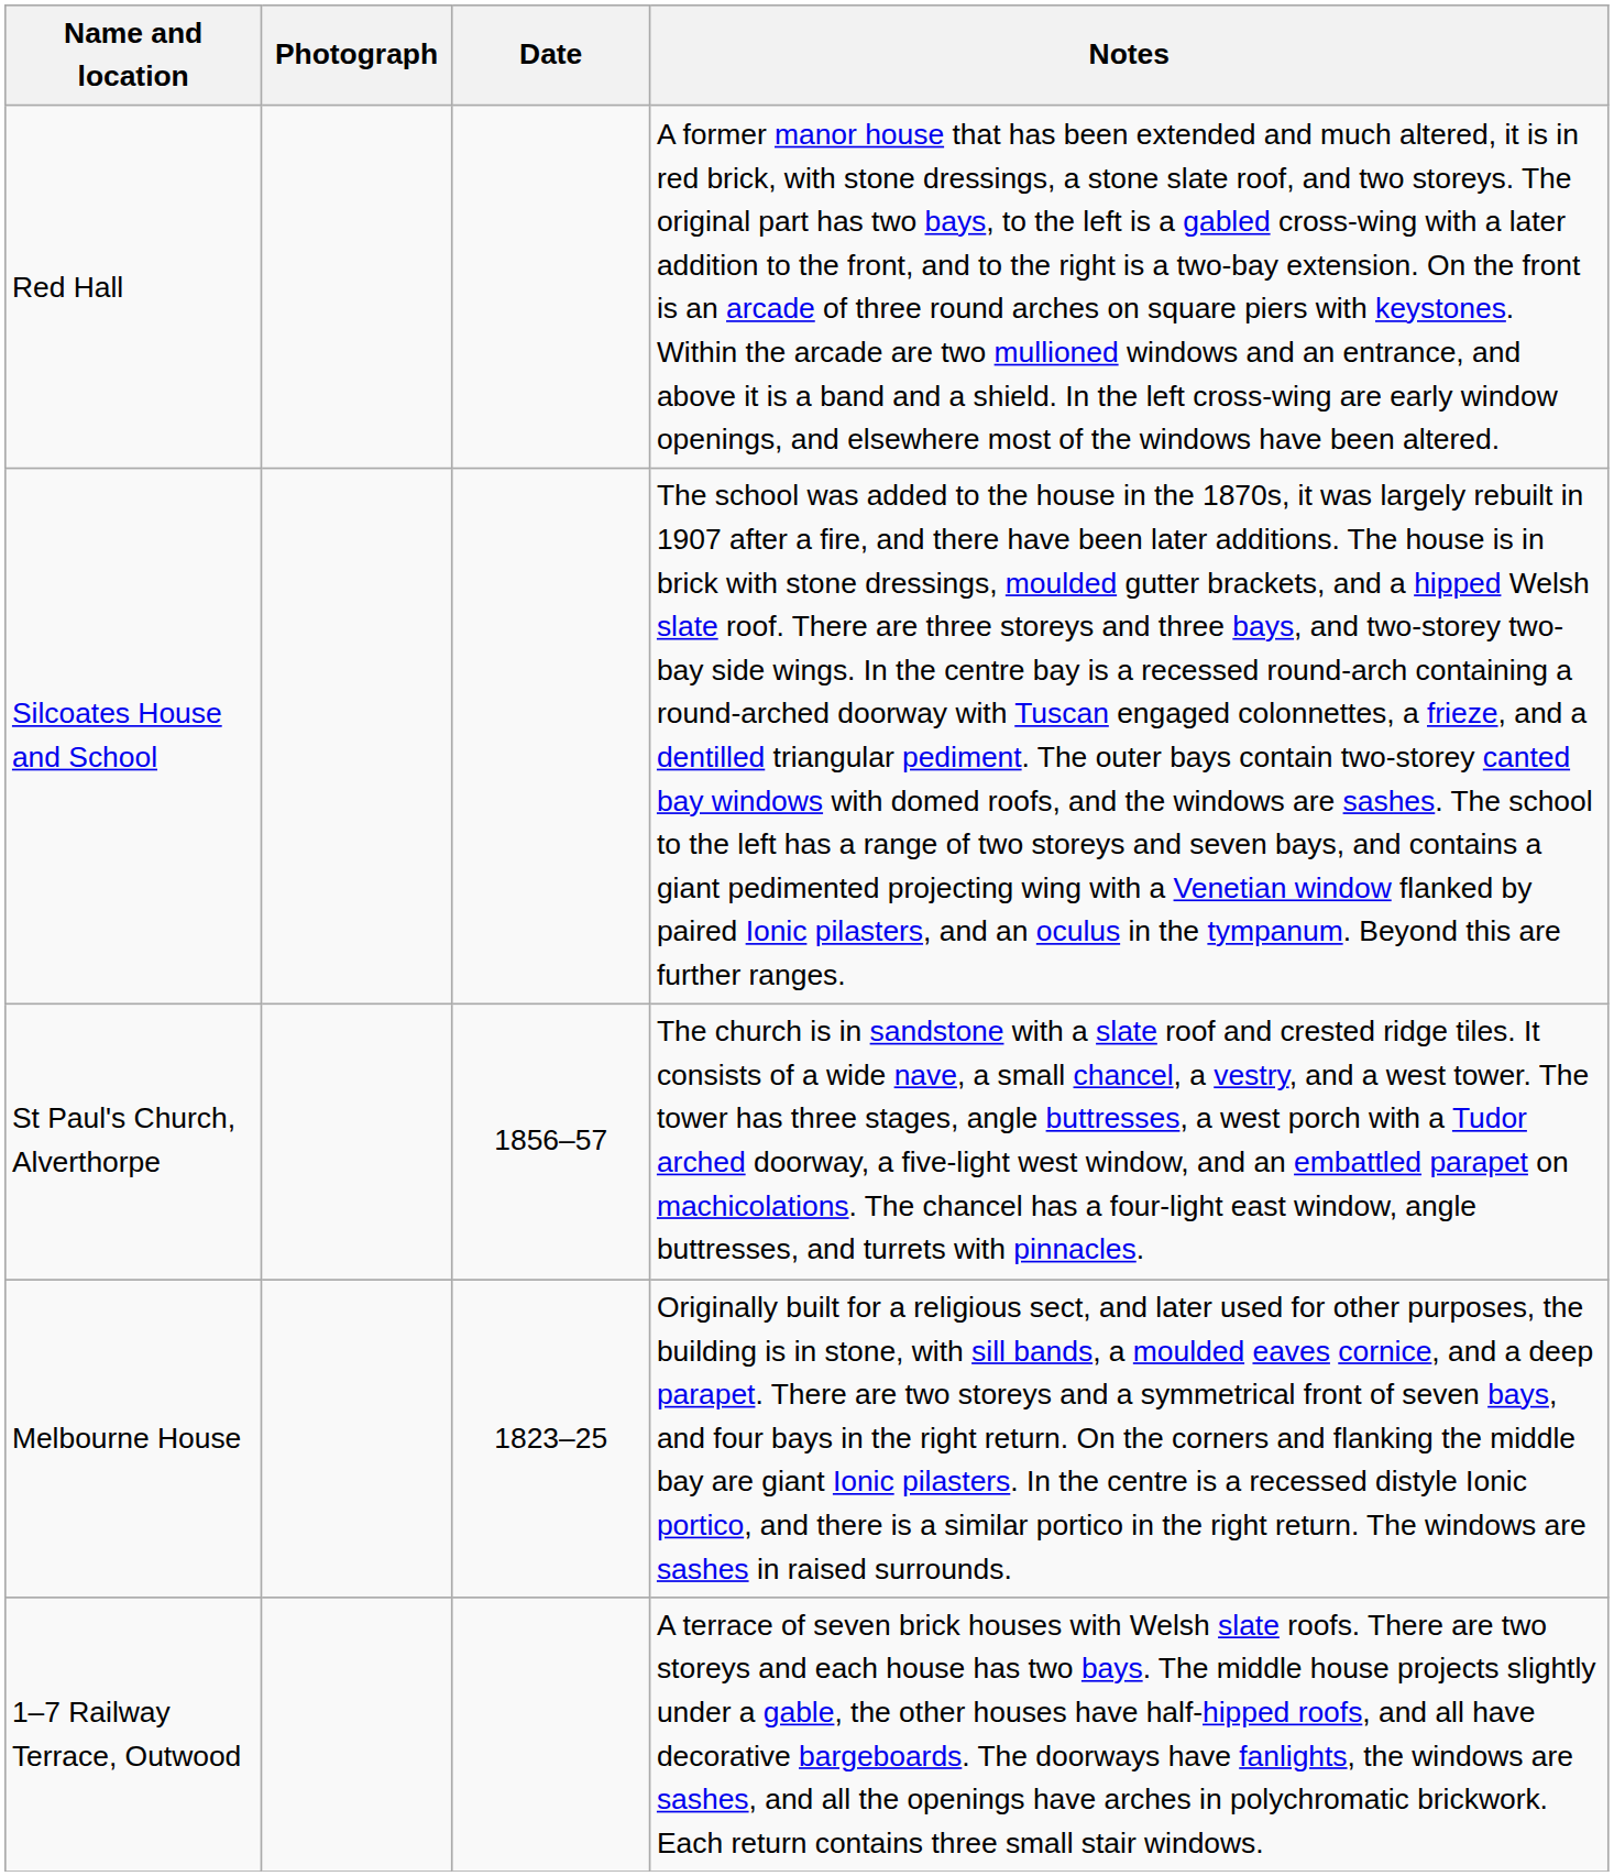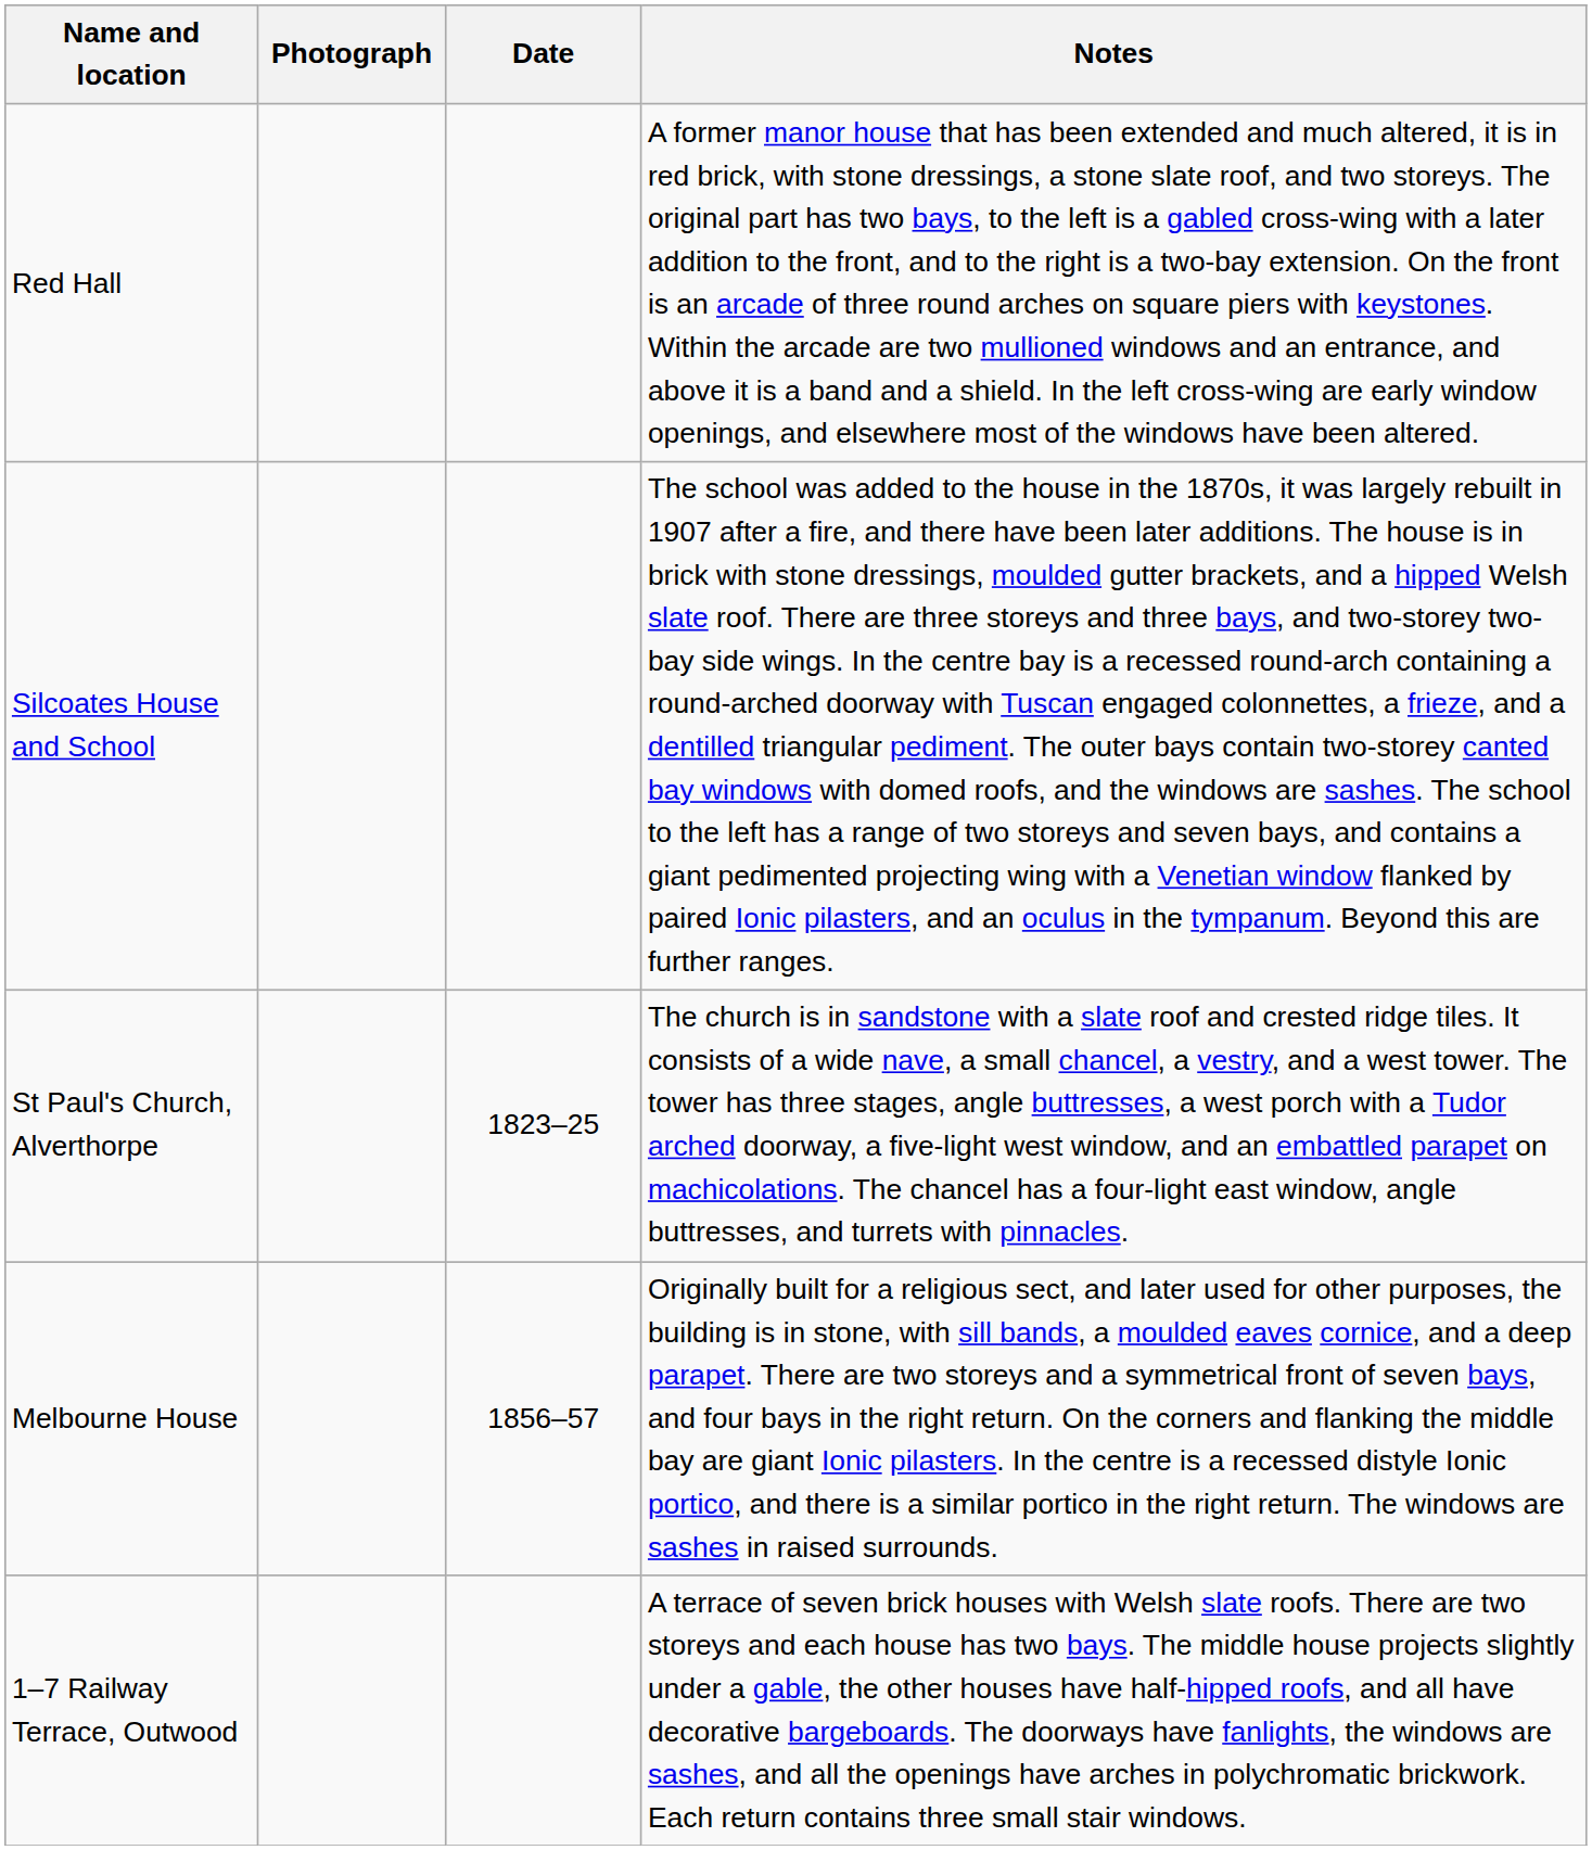 <table class="wikitable sortable plainrowheaders" style="width:100%;border:0px;text-align:left;line-height:150%;">
 <tr>
 <th scope="col"  style="width:150px">Name and location</th>
 <th scope="col"  style="width:100px" class="unsortable">Photograph</th>
 <th scope="col"  style="width:120px">Date</th>
 <th scope="col"  style="width:650px" class="unsortable">Notes</th>
 </tr>
 <tr>
 <td>Red Hall<br><small></small></td>
 <td></td>
 <td align="center"></td>
 <td>A former <a href='#'>manor house</a> that has been extended and much altered, it is in red brick, with stone dressings, a stone slate roof, and two storeys.  The original part has two <a href='#'>bays</a>, to the left is a <a href='#'>gabled</a> cross-wing with a later addition to the front, and to the right is a two-bay extension.  On the front is an <a href='#'>arcade</a> of three round arches on square piers with <a href='#'>keystones</a>. Within the arcade are two <a href='#'>mullioned</a> windows and an entrance, and above it is a band and a shield.  In the left cross-wing are early window openings, and elsewhere most of the windows have been altered.</td>
 </tr>
 <tr>
 <td><a href='#'>Silcoates House and School</a><br><small></small></td>
 <td></td>
 <td align="center"></td>
 <td>The school was added to the house in the 1870s, it was largely rebuilt in 1907 after a fire, and there have been later additions.  The house is in brick with stone dressings, <a href='#'>moulded</a> gutter brackets, and a <a href='#'>hipped</a> Welsh <a href='#'>slate</a> roof.  There are three storeys and three <a href='#'>bays</a>, and two-storey two-bay side wings.  In the centre bay is a recessed round-arch containing a round-arched doorway with <a href='#'>Tuscan</a> engaged colonnettes, a <a href='#'>frieze</a>, and a <a href='#'>dentilled</a> triangular <a href='#'>pediment</a>.  The outer bays contain two-storey <a href='#'>canted</a> <a href='#'>bay windows</a> with domed roofs, and the windows are <a href='#'>sashes</a>. The school to the left has a range of two storeys and seven bays, and contains a giant pedimented projecting wing with a <a href='#'>Venetian window</a> flanked by paired <a href='#'>Ionic</a> <a href='#'>pilasters</a>, and an <a href='#'>oculus</a> in the <a href='#'>tympanum</a>.  Beyond this are further ranges.</td>
 </tr>
 <tr>
 <td>St Paul's Church, Alverthorpe<br><small></small></td>
 <td></td>
-<td align="center">1856–57</td>
+<td align="center">1823–25</td>
 <td>The church is in <a href='#'>sandstone</a> with a <a href='#'>slate</a> roof and crested ridge tiles.  It consists of a wide <a href='#'>nave</a>, a small <a href='#'>chancel</a>, a <a href='#'>vestry</a>, and a west tower.  The tower has three stages, angle <a href='#'>buttresses</a>, a west porch with a <a href='#'>Tudor arched</a> doorway, a five-light west window, and an <a href='#'>embattled</a> <a href='#'>parapet</a> on <a href='#'>machicolations</a>.  The chancel has a four-light east window, angle buttresses, and turrets with <a href='#'>pinnacles</a>.</td>
 </tr>
 <tr>
 <td>Melbourne House<br><small></small></td>
 <td></td>
-<td align="center">1823–25</td>
+<td align="center">1856–57</td>
 <td>Originally built for a religious sect, and later used for other purposes, the building is in stone, with <a href='#'>sill bands</a>, a <a href='#'>moulded</a> <a href='#'>eaves</a> <a href='#'>cornice</a>, and a deep <a href='#'>parapet</a>.  There are two storeys and a symmetrical front of seven <a href='#'>bays</a>, and four bays in the right return.  On the corners and flanking the middle bay are giant <a href='#'>Ionic</a> <a href='#'>pilasters</a>.  In the centre is a recessed distyle Ionic <a href='#'>portico</a>, and there is a similar portico in the right return.  The windows are <a href='#'>sashes</a> in raised surrounds.</td>
 </tr>
 <tr>
 <td>1–7 Railway Terrace, Outwood<br><small></small></td>
 <td></td>
 <td align="center"></td>
 <td>A terrace of seven brick houses with Welsh <a href='#'>slate</a> roofs.  There are two storeys and each house has two <a href='#'>bays</a>.  The middle house projects slightly under a <a href='#'>gable</a>, the other houses have half-<a href='#'>hipped roofs</a>, and all have decorative <a href='#'>bargeboards</a>.  The doorways have <a href='#'>fanlights</a>, the windows are <a href='#'>sashes</a>, and all the openings have arches in polychromatic brickwork.  Each return contains three small stair windows.</td>
 </tr>
 <tr>
 </tr>
 </table>
